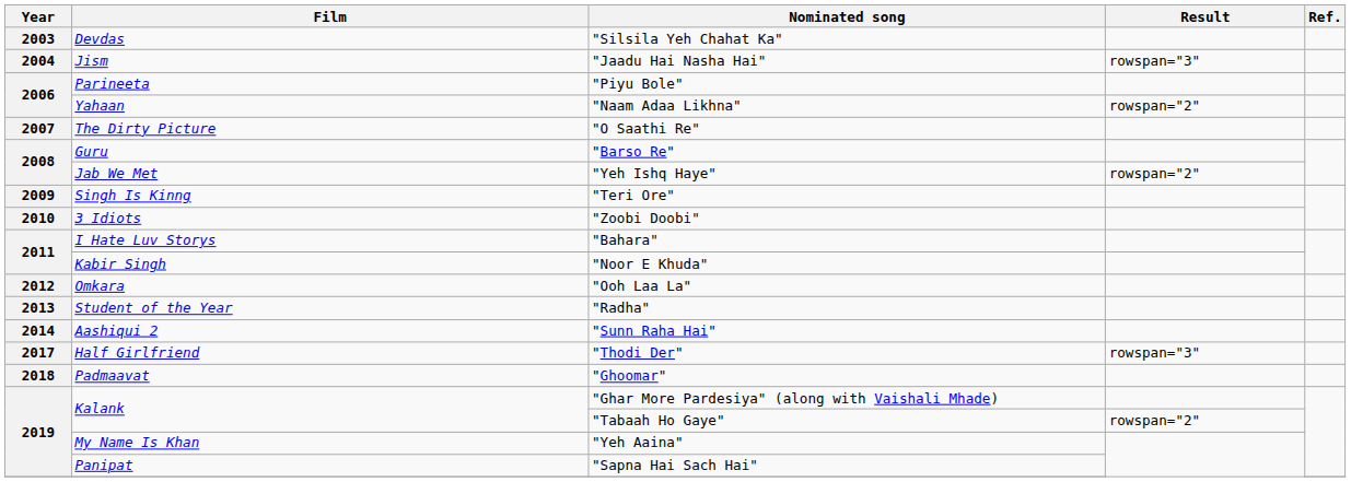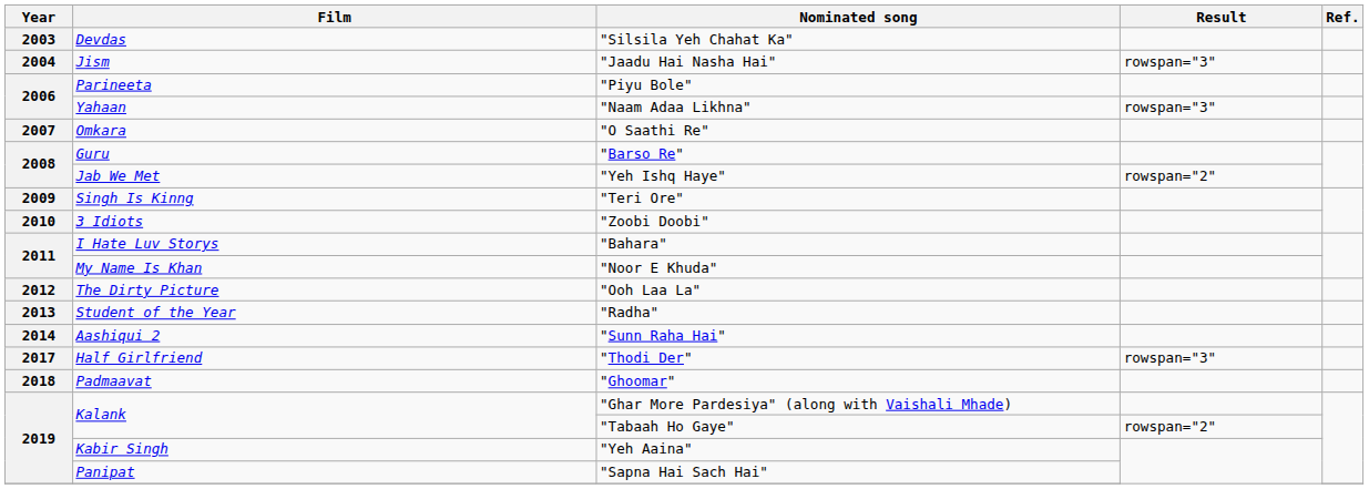 <table class="wikitable plainrowheaders" width="100%" textcolor:#000;">
 <tr>
 <th scope="col" width=5%><strong>Year</strong></th>
 <th scope="col" width=39%><strong>Film</strong></th>
 <th scope="col" width=39%><strong>Nominated song</strong></th>
 <th scope="col" width=15%><strong>Result</strong></th>
 <th scope="col" width=2%><strong>Ref.</strong></th>
 </tr>
 <tr>
 <th scope="row">2003</th>
 <td><a href='#'><em>Devdas</em></a></td>
 <td>"Silsila Yeh Chahat Ka"</td>
 <td></td>
 <td></td>
 </tr>
 <tr>
 <th scope="row">2004</th>
 <td><em><a href='#'>Jism</a></em></td>
 <td>"Jaadu Hai Nasha Hai"</td>
 <td>rowspan="3" </td>
 <td></td>
 </tr>
 <tr>
 <th scope="row" rowspan="2">2006</th>
 <td><em><a href='#'>Parineeta</a></em></td>
 <td>"Piyu Bole"</td>
 <td></td>
 </tr>
 <tr>
 <td><em><a href='#'>Yahaan</a></em></td>
 <td>"Naam Adaa Likhna"</td>
-<td>rowspan="2" </td>
+<td>rowspan="3" </td>
 <td></td>
 </tr>
 <tr>
 <th scope="row">2007</th>
-<td><em><a href='#'>The Dirty Picture</a></em></td>
+<td><em><a href='#'>Omkara</a></em></td>
 <td>"O Saathi Re"</td>
 <td></td>
 </tr>
 <tr>
 <th scope="row" rowspan="2">2008</th>
 <td><em><a href='#'>Guru</a></em></td>
 <td>"<a href='#'>Barso Re</a>"</td>
 <td></td>
 <td rowspan=2></td>
 </tr>
 <tr>
 <td><em><a href='#'>Jab We Met</a></em></td>
 <td>"Yeh Ishq Haye"</td>
 <td>rowspan="2" </td>
 </tr>
 <tr>
 <th scope="row">2009</th>
 <td><em><a href='#'>Singh Is Kinng</a></em></td>
 <td>"Teri Ore"</td>
 <td></td>
 </tr>
 <tr>
 <th scope="row">2010</th>
 <td><em><a href='#'>3 Idiots</a></em></td>
 <td>"Zoobi Doobi"</td>
 <td></td>
 </tr>
 <tr>
 <th scope="row" rowspan="2">2011</th>
 <td><em><a href='#'>I Hate Luv Storys</a></em></td>
 <td>"Bahara"</td>
 <td></td>
 <td rowspan="2"></td>
 </tr>
 <tr>
-<td><em><a href='#'>Kabir Singh</a></em></td>
+<td><em><a href='#'>My Name Is Khan</a></em></td>
 <td>"Noor E Khuda"</td>
 <td></td>
 </tr>
 <tr>
 <th scope="row">2012</th>
-<td><em><a href='#'>Omkara</a></em></td>
+<td><em><a href='#'>The Dirty Picture</a></em></td>
 <td>"Ooh Laa La"</td>
 <td></td>
 <td></td>
 </tr>
 <tr>
 <th scope="row">2013</th>
 <td><em><a href='#'>Student of the Year</a></em></td>
 <td>"Radha"</td>
 <td></td>
 <td></td>
 </tr>
 <tr>
 <th scope="row">2014</th>
 <td><em><a href='#'>Aashiqui 2</a></em></td>
 <td>"<a href='#'>Sunn Raha Hai</a>"</td>
 <td></td>
 <td></td>
 </tr>
 <tr>
 <th scope="row">2017</th>
 <td><em><a href='#'>Half Girlfriend</a></em></td>
 <td>"<a href='#'>Thodi Der</a>"</td>
 <td>rowspan="3" </td>
 <td></td>
 </tr>
 <tr>
 <th scope="row">2018</th>
 <td><em><a href='#'>Padmaavat</a></em></td>
 <td>"<a href='#'>Ghoomar</a>"</td>
 <td></td>
 </tr>
 <tr>
 <th scope="row" rowspan="4">2019</th>
 <td rowspan="2"><em><a href='#'>Kalank</a></em></td>
 <td>"Ghar More Pardesiya" (along with <a href='#'>Vaishali Mhade</a>)</td>
 <td></td>
 <td rowspan="4"></td>
 </tr>
 <tr>
 <td>"Tabaah Ho Gaye"</td>
 <td>rowspan="2" </td>
 </tr>
 <tr>
-<td><em><a href='#'>My Name Is Khan</a></em></td>
+<td><em><a href='#'>Kabir Singh</a></em></td>
 <td>"Yeh Aaina"</td>
 </tr>
 <tr>
 <td><em><a href='#'>Panipat</a></em></td>
 <td>"Sapna Hai Sach Hai"</td>
 </tr>
 <tr>
 </tr>
 </table>
